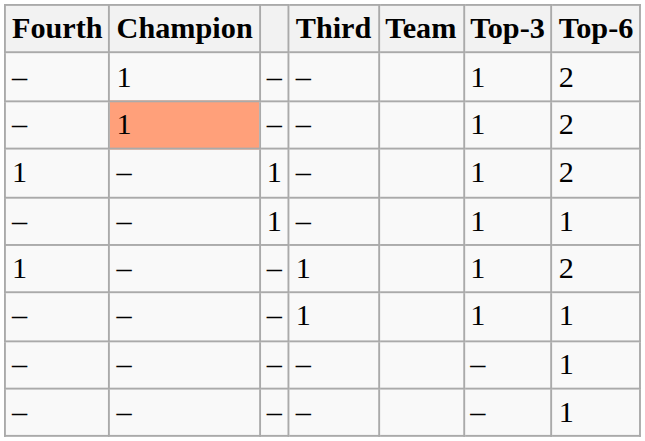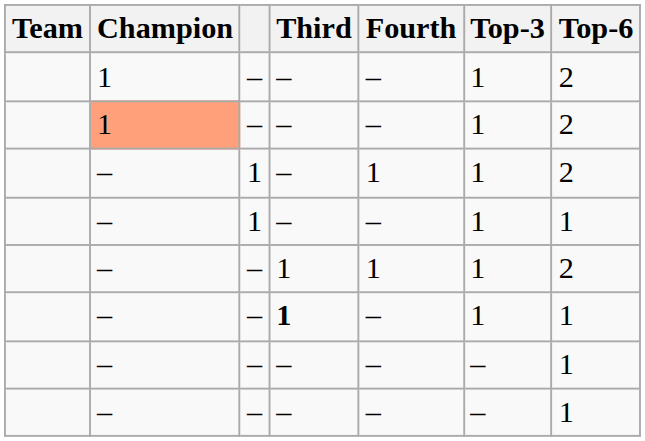 <table class="wikitable">
 <tr>
-<th>Fourth</th>
+<th>Team</th>
 <th>Champion</th>
 <th></th>
 <th>Third</th>
-<th>Team</th>
+<th>Fourth</th>
 <th>Top-3 </th>
 <th>Top-6 </th>
 </tr>
 <tr>
+<td align="left"></td>
+<td>1</td>
+<td>–</td>
+<td>–</td>
+<td>–</td>
+<td>1</td>
+<td>2</td>
+</tr>
+<tr>
+<td></td>
+<td style="background: lightsalmon;">1</td>
+<td>–</td>
+<td>–</td>
+<td>–</td>
+<td>1</td>
+<td>2</td>
+</tr>
+<tr>
+<td align="left"></td>
+<td>–</td>
+<td>1</td>
+<td>–</td>
+<td>1</td>
+<td>1</td>
+<td>2</td>
+</tr>
+<tr>
+<td></td>
 <td>–</td>
 <td>1</td>
 <td>–</td>
 <td>–</td>
-<td align="left"></td>
+<td>1</td>
+<td>1</td>
+</tr>
+<tr>
+<td></td>
+<td>–</td>
+<td>–</td>
+<td>1</td>
+<td>1</td>
 <td>1</td>
 <td>2</td>
 </tr>
 <tr>
-<td>–</td>
-<td style="background: lightsalmon;">1</td>
+<td align="left"></td>
 <td>–</td>
 <td>–</td>
-<td></td>
-<td>1</td>
-<td>2</td>
-</tr>
-<tr>
-<td>1</td>
+<td><strong>1</strong></td>
 <td>–</td>
-<td>1</td>
-<td>–</td>
-<td align="left"></td>
-<td>1</td>
-<td>2</td>
-</tr>
-<tr>
-<td>–</td>
-<td>–</td>
-<td>1</td>
-<td>–</td>
-<td></td>
 <td>1</td>
 <td>1</td>
 </tr>
 <tr>
-<td>1</td>
+<td></td>
 <td>–</td>
 <td>–</td>
-<td>1</td>
-<td></td>
-<td>1</td>
-<td>2</td>
-</tr>
-<tr>
 <td>–</td>
 <td>–</td>
 <td>–</td>
 <td>1</td>
-<td align="left"></td>
-<td>1</td>
-<td>1</td>
 </tr>
 <tr>
+<td align="left"></td>
 <td>–</td>
 <td>–</td>
 <td>–</td>
 <td>–</td>
-<td></td>
-<td>–</td>
-<td>1</td>
-</tr>
-<tr>
-<td>–</td>
-<td>–</td>
-<td>–</td>
-<td>–</td>
-<td align="left"></td>
 <td>–</td>
 <td>1</td>
 </tr>
 </table>
